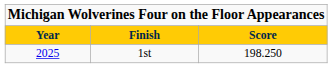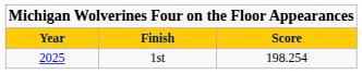 <table style="margin: 1em auto 1em auto" class="wikitable">
 <tr>
 <td colspan=3 align=center><big><span><strong>Michigan Wolverines Four on the Floor Appearances</strong></span></big></td>
 </tr>
 <tr align="center" valign="top">
 <th style="background:#FFCB05; color:#00274C; text-align:center">Year</th>
 <th style="background:#FFCB05; color:#00274C; text-align:center">Finish</th>
 <th style="background:#FFCB05; color:#00274C; text-align:center">Score</th>
 </tr>
 <tr align="center" valign="top">
 <td><a href='#'>2025</a></td>
 <td>1st</td>
-<td>198.250</td>
+<td>198.254</td>
 </tr>
 </table>
